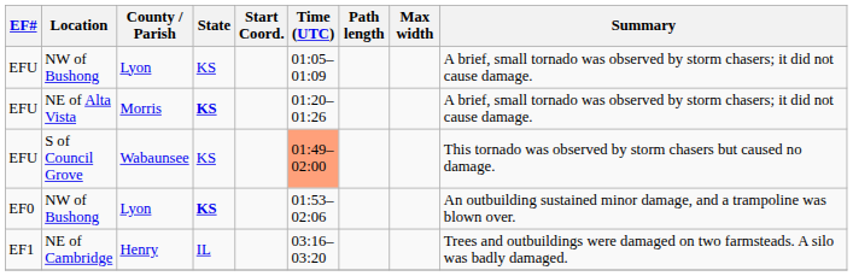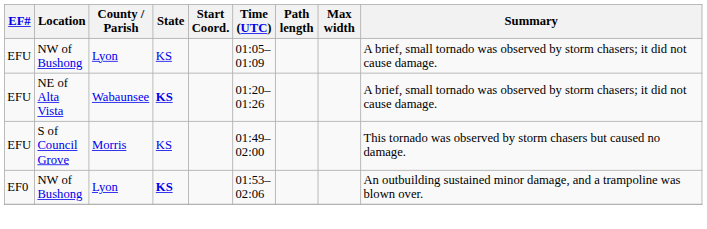 <table class="wikitable sortable" style="width:100%;">
 <tr>
 <th scope="col"  style="width:3%; text-align:center;"><a href='#'>EF#</a></th>
 <th scope="col"  style="width:7%; text-align:center;" class="unsortable">Location</th>
 <th scope="col"  style="width:6%; text-align:center;" class="unsortable">County / Parish</th>
 <th scope="col"  style="width:5%; text-align:center;">State</th>
 <th scope="col"  style="width:6%; text-align:center;">Start Coord.</th>
 <th scope="col"  style="width:6%; text-align:center;">Time (<a href='#'>UTC</a>)</th>
 <th scope="col"  style="width:6%; text-align:center;">Path length</th>
 <th scope="col"  style="width:6%; text-align:center;">Max width</th>
 <th scope="col" class="unsortable" style="width:48%; text-align:center;">Summary</th>
 </tr>
 <tr>
 <td>EFU</td>
 <td>NW of <a href='#'>Bushong</a></td>
 <td><a href='#'>Lyon</a></td>
 <td><a href='#'>KS</a></td>
 <td></td>
 <td>01:05–01:09</td>
 <td></td>
 <td></td>
 <td>A brief, small tornado was observed by storm chasers; it did not cause damage.</td>
 </tr>
 <tr>
 <td>EFU</td>
 <td>NE of <a href='#'>Alta Vista</a></td>
-<td><a href='#'>Morris</a></td>
+<td><a href='#'>Wabaunsee</a></td>
 <td><strong><a href='#'>KS</a></strong></td>
 <td></td>
 <td>01:20–01:26</td>
 <td></td>
 <td></td>
 <td>A brief, small tornado was observed by storm chasers; it did not cause damage.</td>
 </tr>
 <tr>
 <td>EFU</td>
 <td>S of <a href='#'>Council Grove</a></td>
-<td><a href='#'>Wabaunsee</a></td>
+<td><a href='#'>Morris</a></td>
 <td><a href='#'>KS</a></td>
 <td></td>
-<td style="background: lightsalmon;">01:49–02:00</td>
+<td>01:49–02:00</td>
 <td></td>
 <td></td>
 <td>This tornado was observed by storm chasers but caused no damage.</td>
 </tr>
 <tr>
 <td>EF0</td>
 <td>NW of <a href='#'>Bushong</a></td>
 <td><a href='#'>Lyon</a></td>
 <td><strong><a href='#'>KS</a></strong></td>
 <td></td>
 <td>01:53–02:06</td>
 <td></td>
 <td></td>
 <td>An outbuilding sustained minor damage, and a trampoline was blown over.</td>
 </tr>
 <tr>
-<td>EF1</td>
-<td>NE of <a href='#'>Cambridge</a></td>
-<td><a href='#'>Henry</a></td>
-<td><a href='#'>IL</a></td>
-<td></td>
-<td>03:16–03:20</td>
-<td></td>
-<td></td>
-<td>Trees and outbuildings were damaged on two farmsteads. A  silo was badly damaged.</td>
-</tr>
-<tr>
 </tr>
 </table>
